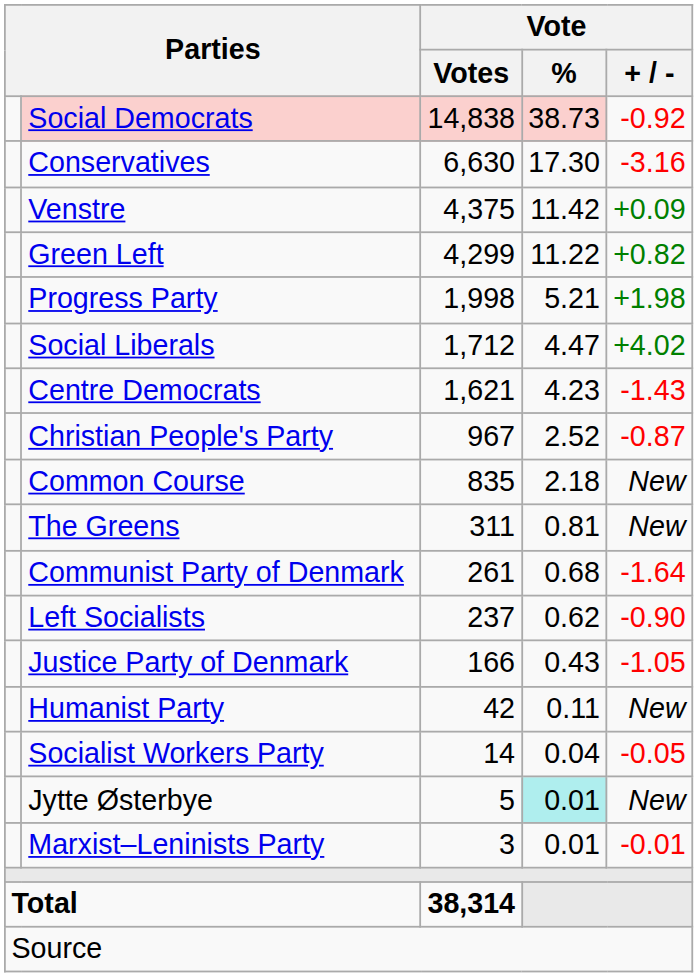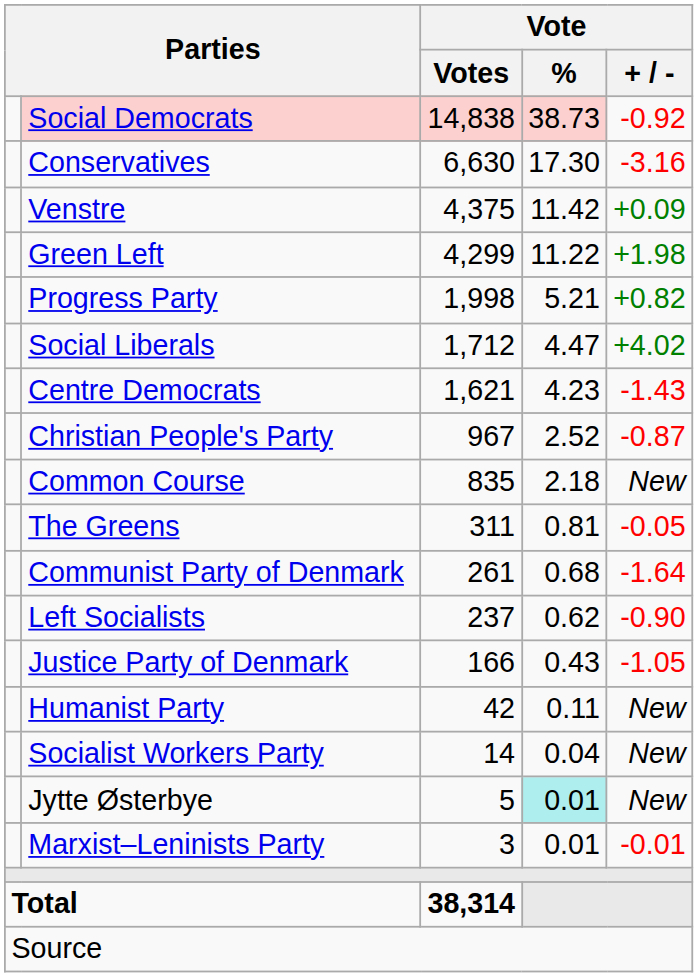 <table class="wikitable" style="text-align:right;">
 <tr>
 <th style="text-align:centre;" rowspan="2" colspan="2" width="225">Parties</th>
 <th colspan="3">Vote</th>
 </tr>
 <tr>
 <th width="15">Votes</th>
 <th width="15">%</th>
 <th width="15">+ / -</th>
 </tr>
 <tr>
 <td width="2" style="color:inherit;background:"></td>
 <td bgcolor=#fbd0ce  align="left"><a href='#'>Social Democrats</a></td>
 <td bgcolor=#fbd0ce>14,838</td>
 <td bgcolor=#fbd0ce>38.73</td>
 <td style=color:red;>-0.92</td>
 </tr>
 <tr>
 <td width="2" style="color:inherit;background:"></td>
 <td align="left"><a href='#'>Conservatives</a></td>
 <td>6,630</td>
 <td>17.30</td>
 <td style=color:red;>-3.16</td>
 </tr>
 <tr>
 <td width="2" style="color:inherit;background:"></td>
 <td align="left"><a href='#'>Venstre</a></td>
 <td>4,375</td>
 <td>11.42</td>
 <td style=color:green;>+0.09</td>
 </tr>
 <tr>
 <td width="2" style="color:inherit;background:"></td>
 <td align="left"><a href='#'>Green Left</a></td>
 <td>4,299</td>
 <td>11.22</td>
-<td style=color:green;>+0.82</td>
+<td style=color:green;>+1.98</td>
 </tr>
 <tr>
 <td width="2" style="color:inherit;background:"></td>
 <td align="left"><a href='#'>Progress Party</a></td>
 <td>1,998</td>
 <td>5.21</td>
-<td style=color:green;>+1.98</td>
+<td style=color:green;>+0.82</td>
 </tr>
 <tr>
 <td width="2" style="color:inherit;background:"></td>
 <td align="left"><a href='#'>Social Liberals</a></td>
 <td>1,712</td>
 <td>4.47</td>
 <td style=color:green;>+4.02</td>
 </tr>
 <tr>
 <td width="2" style="color:inherit;background:"></td>
 <td align="left"><a href='#'>Centre Democrats</a></td>
 <td>1,621</td>
 <td>4.23</td>
 <td style=color:red;>-1.43</td>
 </tr>
 <tr>
 <td width="2" style="color:inherit;background:"></td>
 <td align="left"><a href='#'>Christian People's Party</a></td>
 <td>967</td>
 <td>2.52</td>
 <td style=color:red;>-0.87</td>
 </tr>
 <tr>
 <td width="2" style="color:inherit;background:"></td>
 <td align="left"><a href='#'>Common Course</a></td>
 <td>835</td>
 <td>2.18</td>
 <td><em>New</em></td>
 </tr>
 <tr>
 <td width="2" style="color:inherit;background:"></td>
 <td align="left"><a href='#'>The Greens</a></td>
 <td>311</td>
 <td>0.81</td>
-<td><em>New</em></td>
+<td style=color:red;>-0.05</td>
 </tr>
 <tr>
 <td width="2" style="color:inherit;background:"></td>
 <td align="left"><a href='#'>Communist Party of Denmark</a></td>
 <td>261</td>
 <td>0.68</td>
 <td style=color:red;>-1.64</td>
 </tr>
 <tr>
 <td width="2" style="color:inherit;background:"></td>
 <td align="left"><a href='#'>Left Socialists</a></td>
 <td>237</td>
 <td>0.62</td>
 <td style=color:red;>-0.90</td>
 </tr>
 <tr>
 <td width="2" style="color:inherit;background:"></td>
 <td align="left"><a href='#'>Justice Party of Denmark</a></td>
 <td>166</td>
 <td>0.43</td>
 <td style=color:red;>-1.05</td>
 </tr>
 <tr>
 <td width="2" style="color:inherit;background:"></td>
 <td align="left"><a href='#'>Humanist Party</a></td>
 <td>42</td>
 <td>0.11</td>
 <td><em>New</em></td>
 </tr>
 <tr>
 <td width="2" style="color:inherit;background:"></td>
 <td align="left"><a href='#'>Socialist Workers Party</a></td>
 <td>14</td>
 <td>0.04</td>
-<td style=color:red;>-0.05</td>
+<td><em>New</em></td>
 </tr>
 <tr>
 <td width="2" style="color:inherit;background:"></td>
 <td align="left">Jytte Østerbye</td>
 <td>5</td>
 <td style="background: paleturquoise;">0.01</td>
 <td><em>New</em></td>
 </tr>
 <tr>
 <td width="2" style="color:inherit;background:"></td>
 <td align="left"><a href='#'>Marxist–Leninists Party</a></td>
 <td>3</td>
 <td>0.01</td>
 <td style=color:red;>-0.01</td>
 </tr>
 <tr>
 <td colspan="7" bgcolor="#E9E9E9"></td>
 </tr>
 <tr>
 <td align="left" colspan="2"><strong>Total</strong></td>
 <td><strong>38,314</strong></td>
 <td bgcolor="#E9E9E9" colspan="2"></td>
 </tr>
 <tr>
 <td align="left" colspan="6">Source</td>
 </tr>
 </table>
